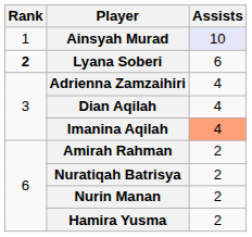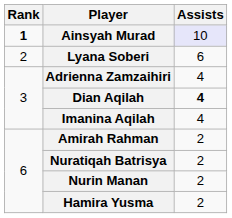 <table class="wikitable plainrowheaders" style="text-align:center;">
 <tr>
 <th>Rank</th>
 <th>Player</th>
 <th>Assists</th>
 </tr>
 <tr>
-<td>1</td>
+<td><strong>1</strong></td>
 <th scope="row"> Ainsyah Murad</th>
 <td style="background: lavender;">10</td>
 </tr>
 <tr>
-<td><strong>2</strong></td>
+<td>2</td>
 <th scope="row"> Lyana Soberi</th>
 <td>6</td>
 </tr>
 <tr>
 <td rowspan="3">3</td>
 <th scope="row"> Adrienna Zamzaihiri</th>
 <td>4</td>
 </tr>
 <tr>
 <th scope="row"> Dian Aqilah</th>
-<td>4</td>
+<td><strong>4</strong></td>
 </tr>
 <tr>
 <th scope="row"> Imanina Aqilah</th>
-<td style="background: lightsalmon;">4</td>
+<td>4</td>
 </tr>
 <tr>
 <td rowspan="4">6</td>
 <th scope="row"> Amirah Rahman</th>
 <td>2</td>
 </tr>
 <tr>
 <th scope="row"> Nuratiqah Batrisya</th>
 <td>2</td>
 </tr>
 <tr>
 <th scope="row"> Nurin Manan</th>
 <td>2</td>
 </tr>
 <tr>
 <th scope="row"> Hamira Yusma</th>
 <td>2</td>
 </tr>
 </table>
